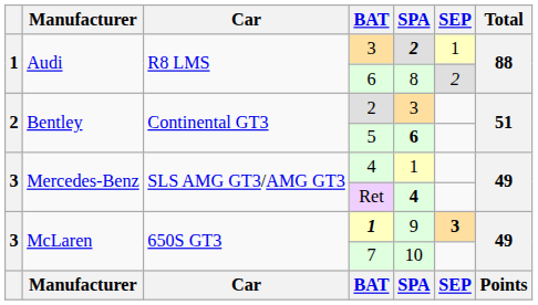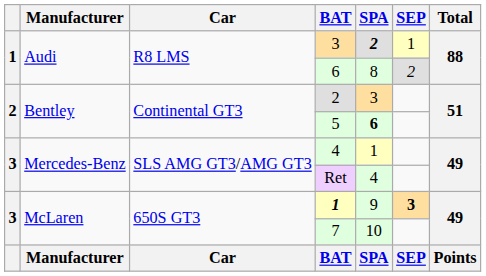 <table class="wikitable" style="font-size: 85%; text-align:center;">
 <tr>
 <th></th>
 <th>Manufacturer</th>
 <th>Car</th>
 <th><a href='#'>BAT</a><br></th>
 <th><a href='#'>SPA</a><br></th>
 <th><a href='#'>SEP</a><br></th>
 <th>Total</th>
 </tr>
 <tr>
 <th rowspan=2>1</th>
 <td rowspan=2 align=left><a href='#'>Audi</a></td>
 <td rowspan=2 align=left><a href='#'>R8 LMS</a></td>
 <td style="background:#FFDF9F;">3</td>
 <td style="background:#DFDFDF;"><strong><em>2</em></strong></td>
 <td style="background:#FFFFBF;">1</td>
 <th rowspan=2>88</th>
 </tr>
 <tr>
 <td style="background:#DFFFDF;">6</td>
 <td style="background:#DFFFDF;">8</td>
 <td style="background:#DFDFDF;"><em>2</em></td>
 </tr>
 <tr>
 <th rowspan=2>2</th>
 <td rowspan=2 align=left><a href='#'>Bentley</a></td>
 <td rowspan=2 align=left><a href='#'>Continental GT3</a></td>
 <td style="background:#DFDFDF;">2</td>
 <td style="background:#FFDF9F;">3</td>
 <td></td>
 <th rowspan=2>51</th>
 </tr>
 <tr>
 <td style="background:#DFFFDF;">5</td>
 <td style="background:#DFFFDF;"><strong>6</strong></td>
 <td></td>
 </tr>
 <tr>
 <th rowspan=2>3</th>
 <td rowspan=2 align=left><a href='#'>Mercedes-Benz</a></td>
 <td rowspan=2 align=left><a href='#'>SLS AMG GT3</a>/<a href='#'>AMG GT3</a></td>
 <td style="background:#DFFFDF;">4</td>
 <td style="background:#FFFFBF;">1</td>
 <td></td>
 <th rowspan=2>49</th>
 </tr>
 <tr>
 <td style="background:#EFCFFF;">Ret</td>
-<td style="background:#DFFFDF;"><strong>4</strong></td>
+<td style="background:#DFFFDF;">4</td>
 <td></td>
 </tr>
 <tr>
 <th rowspan=2>3</th>
 <td rowspan=2 align=left><a href='#'>McLaren</a></td>
 <td rowspan=2 align=left><a href='#'>650S GT3</a></td>
 <td style="background:#FFFFBF;"><strong><em>1</em></strong></td>
 <td style="background:#DFFFDF;">9</td>
 <td style="background:#FFDF9F;"><strong>3</strong></td>
 <th rowspan=2>49</th>
 </tr>
 <tr>
 <td style="background:#DFFFDF;">7</td>
 <td style="background:#DFFFDF;">10</td>
 <td></td>
 </tr>
 <tr valign="top">
 <th valign=middle></th>
 <th valign=middle>Manufacturer</th>
 <th valign=middle>Car</th>
 <th valign=middle><a href='#'>BAT</a><br></th>
 <th valign=middle><a href='#'>SPA</a><br></th>
 <th valign=middle><a href='#'>SEP</a><br></th>
 <th valign=middle>Points</th>
 </tr>
 </table>
